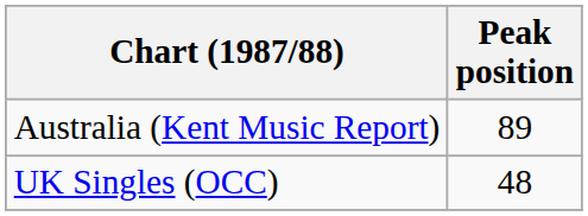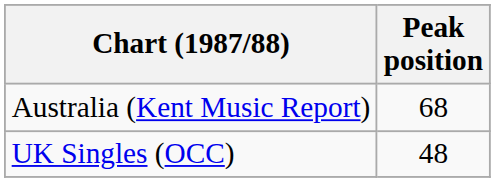 <table class="wikitable">
 <tr>
 <th scope="col">Chart (1987/88)</th>
 <th>Peak<br>position</th>
 </tr>
 <tr>
 <td>Australia (<a href='#'>Kent Music Report</a>)</td>
-<td style="text-align:center;">89</td>
+<td style="text-align:center;">68</td>
 </tr>
 <tr>
 <td><a href='#'>UK Singles</a> (<a href='#'>OCC</a>)</td>
 <td style="text-align:center;">48</td>
 </tr>
 </table>
